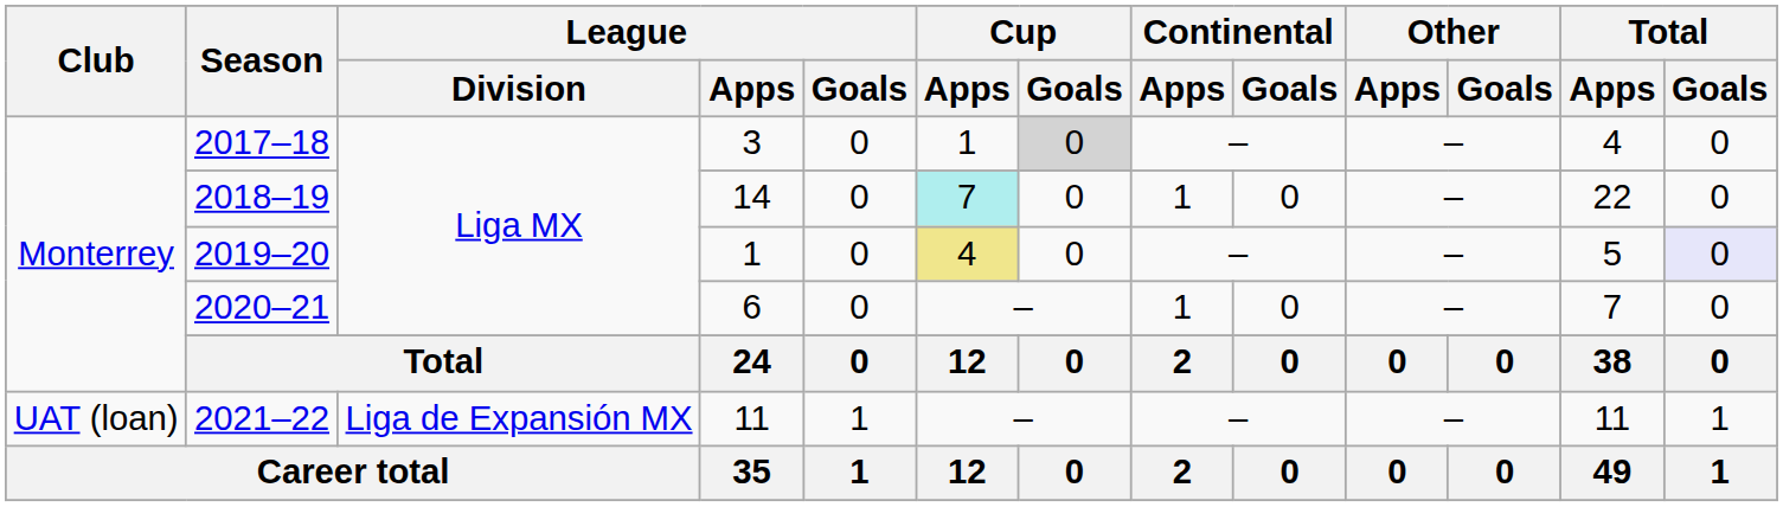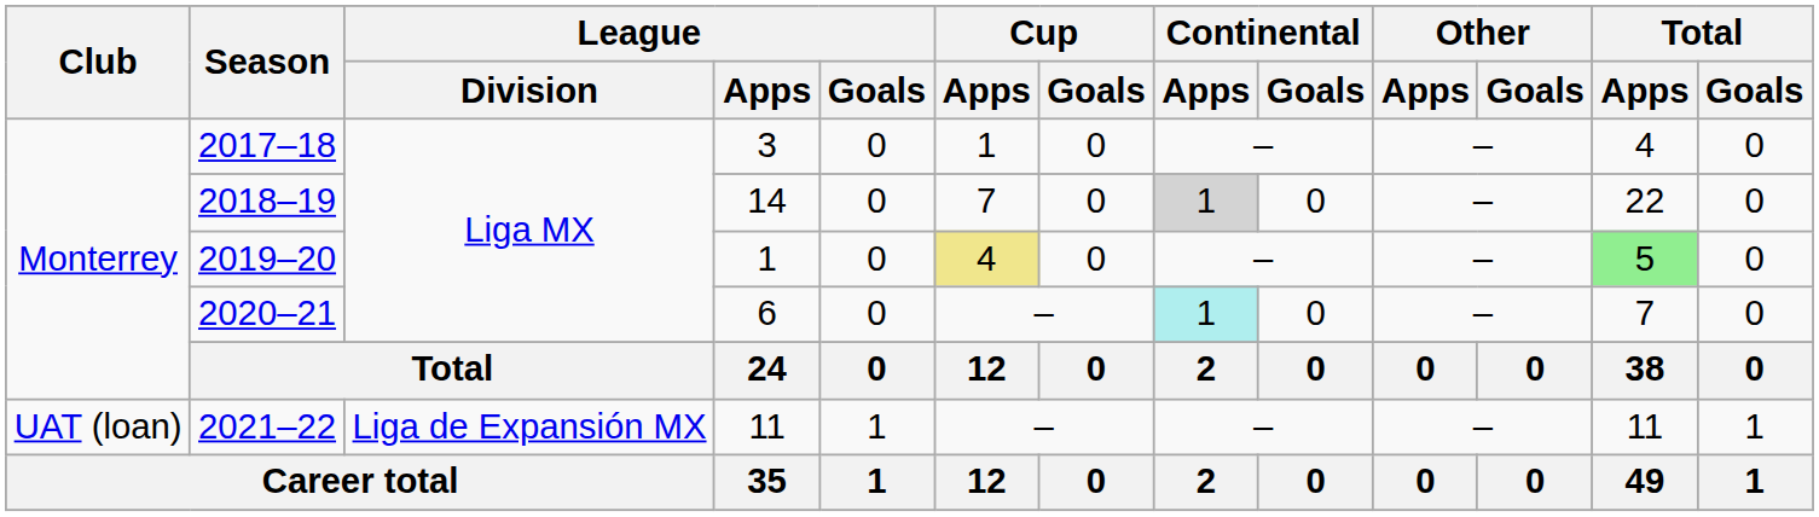 <table class="wikitable" style="text-align: center">
 <tr>
 <th rowspan="2">Club</th>
 <th rowspan="2">Season</th>
 <th colspan="3">League</th>
 <th colspan="2">Cup</th>
 <th colspan="2">Continental</th>
 <th colspan="2">Other</th>
 <th colspan="2">Total</th>
 </tr>
 <tr>
 <th>Division</th>
 <th>Apps</th>
 <th>Goals</th>
 <th>Apps</th>
 <th>Goals</th>
 <th>Apps</th>
 <th>Goals</th>
 <th>Apps</th>
 <th>Goals</th>
 <th>Apps</th>
 <th>Goals</th>
 </tr>
 <tr>
 <td rowspan="5"><a href='#'>Monterrey</a></td>
 <td><a href='#'>2017–18</a></td>
 <td rowspan="4"><a href='#'>Liga MX</a></td>
 <td>3</td>
 <td>0</td>
 <td>1</td>
-<td style="background: lightgrey;">0</td>
+<td>0</td>
 <td colspan="2">–</td>
 <td colspan=2>–</td>
 <td>4</td>
 <td>0</td>
 </tr>
 <tr>
 <td><a href='#'>2018–19</a></td>
 <td>14</td>
 <td>0</td>
-<td style="background: paleturquoise;">7</td>
+<td>7</td>
 <td>0</td>
-<td>1</td>
+<td style="background: lightgrey;">1</td>
 <td>0</td>
 <td colspan=2>–</td>
 <td>22</td>
 <td>0</td>
 </tr>
 <tr>
 <td><a href='#'>2019–20</a></td>
 <td>1</td>
 <td>0</td>
 <td style="background: khaki;">4</td>
 <td>0</td>
 <td colspan=2>–</td>
 <td colspan=2>–</td>
-<td>5</td>
-<td style="background: lavender;">0</td>
+<td style="background: lightgreen;">5</td>
+<td>0</td>
 </tr>
 <tr>
 <td><a href='#'>2020–21</a></td>
 <td>6</td>
 <td>0</td>
 <td colspan=2>–</td>
-<td>1</td>
+<td style="background: paleturquoise;">1</td>
 <td>0</td>
 <td colspan=2>–</td>
 <td>7</td>
 <td>0</td>
 </tr>
 <tr>
 <th colspan="2">Total</th>
 <th>24</th>
 <th>0</th>
 <th>12</th>
 <th>0</th>
 <th>2</th>
 <th>0</th>
 <th>0</th>
 <th>0</th>
 <th>38</th>
 <th>0</th>
 </tr>
 <tr>
 <td rowspan="1"><a href='#'>UAT</a> (loan)</td>
 <td><a href='#'>2021–22</a></td>
 <td rowspan="1"><a href='#'>Liga de Expansión MX</a></td>
 <td>11</td>
 <td>1</td>
 <td colspan="2">–</td>
 <td colspan="2">–</td>
 <td colspan=2>–</td>
 <td>11</td>
 <td>1</td>
 </tr>
 <tr>
 <th colspan="3">Career total</th>
 <th>35</th>
 <th>1</th>
 <th>12</th>
 <th>0</th>
 <th>2</th>
 <th>0</th>
 <th>0</th>
 <th>0</th>
 <th>49</th>
 <th>1</th>
 </tr>
 </table>
